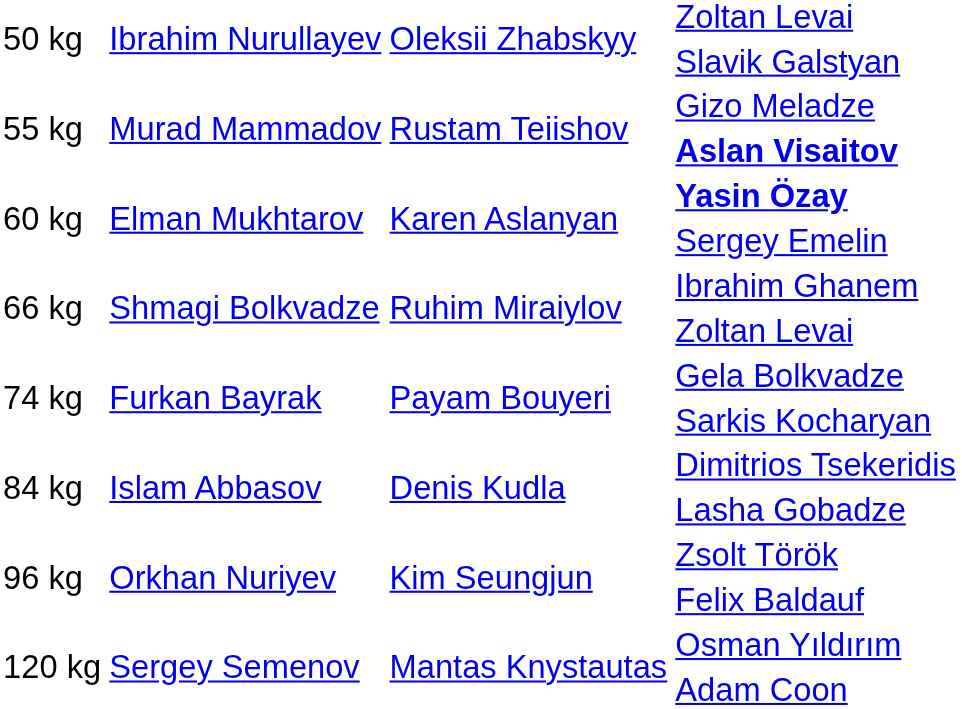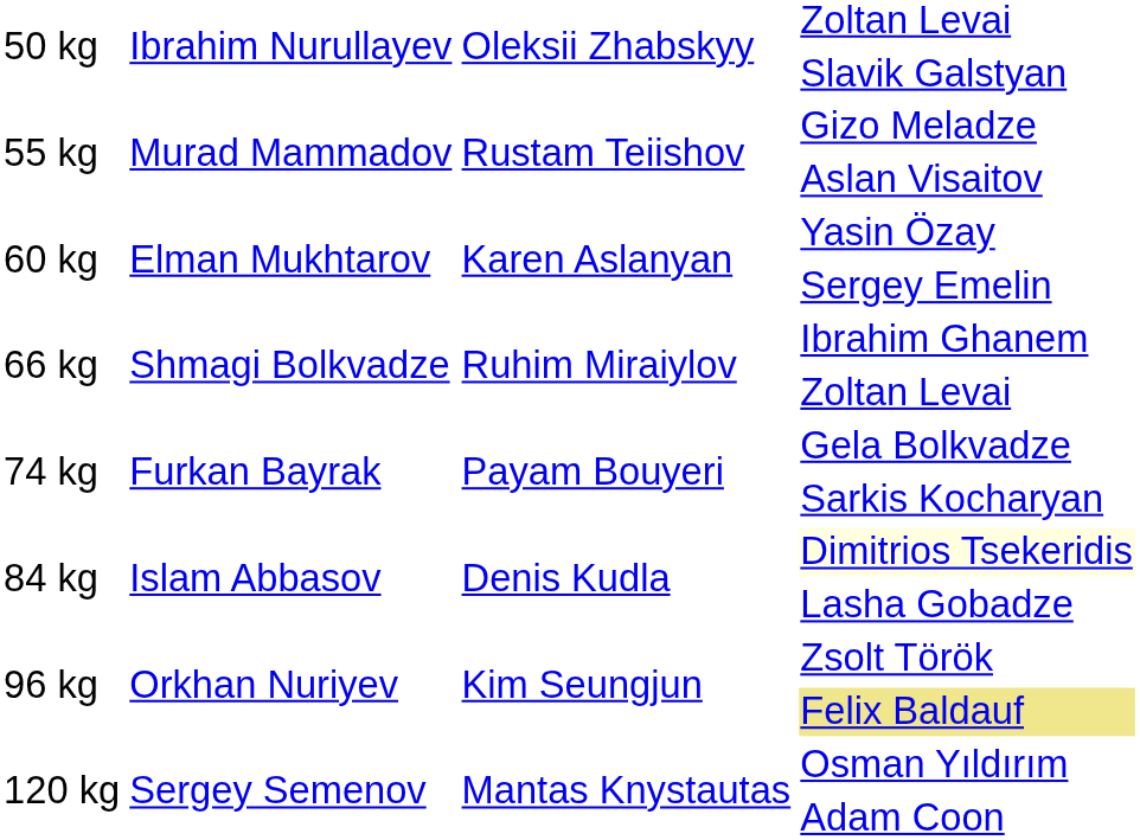 <table>
 <tr>
 <td rowspan=2>50 kg</td>
 <td rowspan=2> <a href='#'>Ibrahim Nurullayev</a></td>
 <td rowspan=2> <a href='#'>Oleksii Zhabskyy</a></td>
 <td> <a href='#'>Zoltan Levai</a></td>
 </tr>
 <tr>
 <td> <a href='#'>Slavik Galstyan</a></td>
 </tr>
 <tr>
 <td rowspan=2>55 kg</td>
 <td rowspan=2> <a href='#'>Murad Mammadov</a></td>
 <td rowspan=2> <a href='#'>Rustam Teiishov</a></td>
 <td> <a href='#'>Gizo Meladze</a></td>
 </tr>
 <tr>
-<td><strong> <a href='#'>Aslan Visaitov</a></strong></td>
+<td> <a href='#'>Aslan Visaitov</a></td>
 </tr>
 <tr>
 <td rowspan=2>60 kg</td>
 <td rowspan=2> <a href='#'>Elman Mukhtarov</a></td>
 <td rowspan=2> <a href='#'>Karen Aslanyan</a></td>
-<td><strong> <a href='#'>Yasin Özay</a></strong></td>
+<td> <a href='#'>Yasin Özay</a></td>
 </tr>
 <tr>
 <td> <a href='#'>Sergey Emelin</a></td>
 </tr>
 <tr>
 <td rowspan=2>66 kg</td>
 <td rowspan=2> <a href='#'>Shmagi Bolkvadze</a></td>
 <td rowspan=2> <a href='#'>Ruhim Miraiylov</a></td>
 <td> <a href='#'>Ibrahim Ghanem</a></td>
 </tr>
 <tr>
 <td> <a href='#'>Zoltan Levai</a></td>
 </tr>
 <tr>
 <td rowspan=2>74 kg</td>
 <td rowspan=2> <a href='#'>Furkan Bayrak</a></td>
 <td rowspan=2> <a href='#'>Payam Bouyeri</a></td>
 <td> <a href='#'>Gela Bolkvadze</a></td>
 </tr>
 <tr>
 <td> <a href='#'>Sarkis Kocharyan</a></td>
 </tr>
 <tr>
 <td rowspan=2>84 kg</td>
 <td rowspan=2> <a href='#'>Islam Abbasov</a></td>
 <td rowspan=2> <a href='#'>Denis Kudla</a></td>
-<td> <a href='#'>Dimitrios Tsekeridis</a></td>
+<td style="background: lightyellow;"> <a href='#'>Dimitrios Tsekeridis</a></td>
 </tr>
 <tr>
 <td> <a href='#'>Lasha Gobadze</a></td>
 </tr>
 <tr>
 <td rowspan=2>96 kg</td>
 <td rowspan=2> <a href='#'>Orkhan Nuriyev</a></td>
 <td rowspan=2> <a href='#'>Kim Seungjun</a></td>
 <td> <a href='#'>Zsolt Török</a></td>
 </tr>
 <tr>
-<td> <a href='#'>Felix Baldauf</a></td>
+<td style="background: khaki;"> <a href='#'>Felix Baldauf</a></td>
 </tr>
 <tr>
 <td rowspan=2>120 kg</td>
 <td rowspan=2> <a href='#'>Sergey Semenov</a></td>
 <td rowspan=2> <a href='#'>Mantas Knystautas</a></td>
 <td> <a href='#'>Osman Yıldırım</a></td>
 </tr>
 <tr>
 <td> <a href='#'>Adam Coon</a></td>
 </tr>
 </table>
